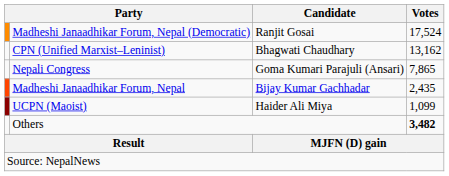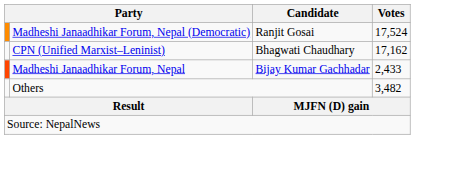 <table class="wikitable">
 <tr>
 <th colspan="2">Party</th>
 <th>Candidate</th>
 <th>Votes</th>
 </tr>
 <tr>
 <td style="background-color:darkorange"></td>
 <td><a href='#'>Madheshi Janaadhikar Forum, Nepal (Democratic)</a></td>
 <td>Ranjit Gosai</td>
 <td>17,524</td>
 </tr>
 <tr>
 <td style="background-color:"></td>
 <td><a href='#'>CPN (Unified Marxist–Leninist)</a></td>
 <td>Bhagwati Chaudhary</td>
-<td>13,162</td>
-</tr>
-<tr>
-<td style="background-color:"></td>
-<td><a href='#'>Nepali Congress</a></td>
-<td>Goma Kumari Parajuli (Ansari)</td>
-<td>7,865</td>
+<td>17,162</td>
 </tr>
 <tr>
 <td style="background-color:orangered"></td>
 <td><a href='#'>Madheshi Janaadhikar Forum, Nepal</a></td>
 <td><a href='#'>Bijay Kumar Gachhadar</a></td>
-<td>2,435</td>
-</tr>
-<tr>
-<td style="background-color:darkred"></td>
-<td><a href='#'>UCPN (Maoist)</a></td>
-<td>Haider Ali Miya</td>
-<td>1,099</td>
+<td>2,433</td>
 </tr>
 <tr>
 <td></td>
 <td colspan="2">Others</td>
-<td><strong>3,482</strong></td>
+<td>3,482</td>
 </tr>
 <tr>
 <th colspan="2">Result</th>
 <th colspan="2">MJFN (D) gain</th>
 </tr>
 <tr>
 <td colspan="4">Source: NepalNews</td>
 </tr>
 </table>
